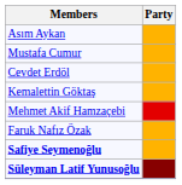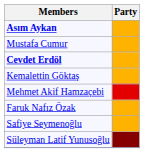 <table class=wikitable style="border:1px solid #8888aa; background-color:#f7f8ff; padding:0px; font-size:90%;">
 <tr>
 <th>Members</th>
 <th colspan="2">Party</th>
 </tr>
 <tr>
-<td><a href='#'>Asım Aykan</a></td>
+<td><strong><a href='#'>Asım Aykan</a></strong></td>
 <td style="background: #ffb300"></td>
 </tr>
 <tr>
 <td><a href='#'>Mustafa Cumur</a></td>
 <td style="background: #ffb300"></td>
 </tr>
 <tr>
-<td><a href='#'>Cevdet Erdöl</a></td>
+<td><strong><a href='#'>Cevdet Erdöl</a></strong></td>
 <td style="background: #ffb300"></td>
 </tr>
 <tr>
 <td><a href='#'>Kemalettin Göktaş</a></td>
 <td style="background: #ffb300"></td>
 </tr>
 <tr>
 <td><a href='#'>Mehmet Akif Hamzaçebi</a></td>
 <td style="background: #e30000"></td>
 </tr>
 <tr>
 <td><a href='#'>Faruk Nafız Özak</a></td>
 <td style="background: #ffb300"></td>
 </tr>
 <tr>
-<td><strong><a href='#'>Safiye Seymenoğlu</a></strong></td>
+<td><a href='#'>Safiye Seymenoğlu</a></td>
 <td style="background: #ffb300"></td>
 </tr>
 <tr>
-<td><strong><a href='#'>Süleyman Latif Yunusoğlu</a></strong></td>
+<td><a href='#'>Süleyman Latif Yunusoğlu</a></td>
 <td style="background: #870000"></td>
 </tr>
 <tr>
 </tr>
 </table>
